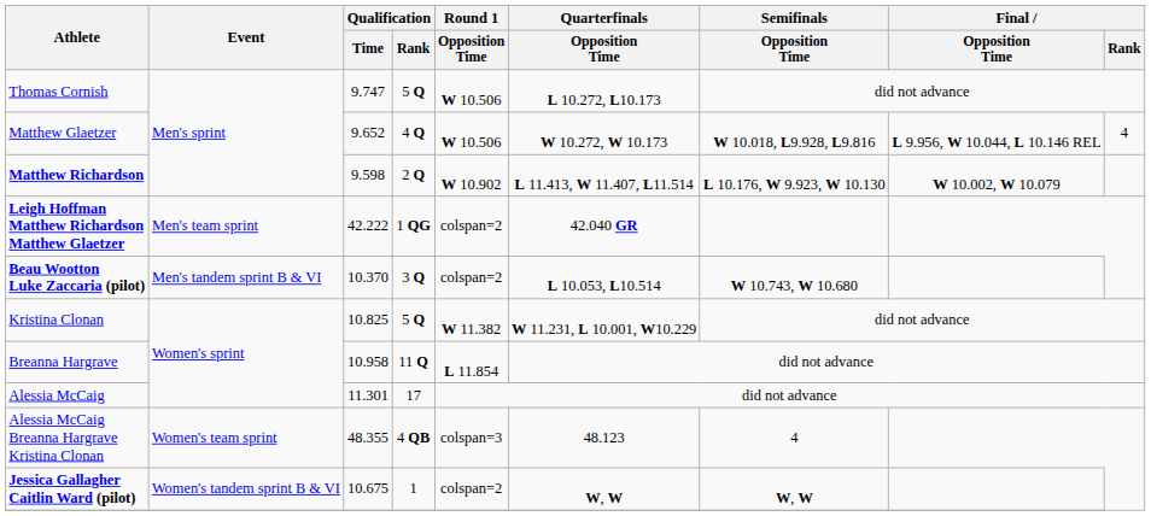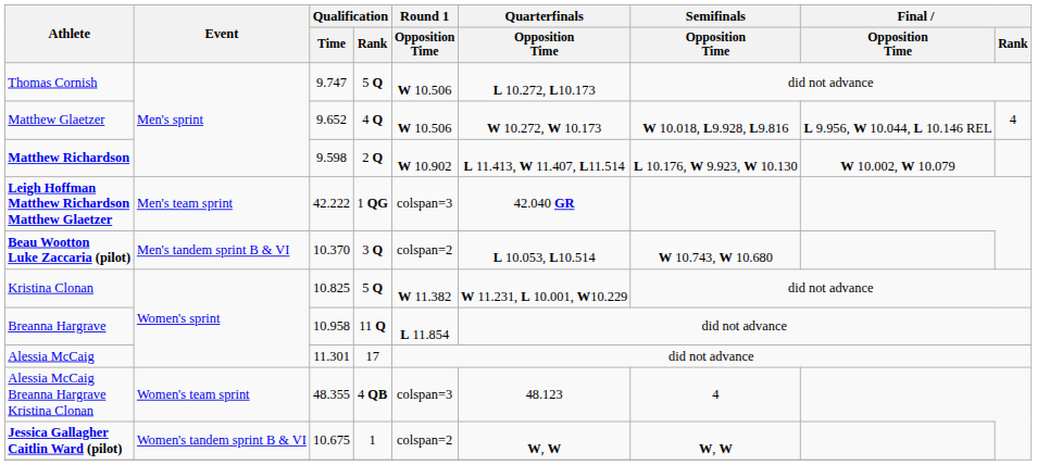 <table class=wikitable style="font-size:90%;text-align:center">
 <tr>
 <th rowspan=2>Athlete</th>
 <th rowspan=2>Event</th>
 <th colspan=2>Qualification</th>
 <th>Round 1</th>
 <th>Quarterfinals</th>
 <th>Semifinals</th>
 <th colspan=2>Final / </th>
 </tr>
 <tr style=font-size:95%>
 <th>Time</th>
 <th>Rank</th>
 <th>Opposition<br>Time</th>
 <th>Opposition<br>Time</th>
 <th>Opposition<br>Time</th>
 <th>Opposition<br>Time</th>
 <th>Rank</th>
 </tr>
 <tr>
 <td align=left><a href='#'>Thomas Cornish</a></td>
 <td align=left rowspan=3><a href='#'>Men's sprint</a></td>
 <td>9.747</td>
 <td>5 <strong>Q</strong></td>
 <td><br><strong>W</strong> 10.506</td>
 <td><br><strong>L</strong> 10.272, <strong>L</strong>10.173</td>
 <td colspan=3>did not advance</td>
 </tr>
 <tr>
 <td align=left><a href='#'>Matthew Glaetzer</a></td>
 <td>9.652</td>
 <td>4 <strong>Q</strong></td>
 <td><br><strong>W</strong> 10.506</td>
 <td><br><strong>W</strong> 10.272, <strong>W</strong> 10.173</td>
 <td><br><strong>W</strong> 10.018, <strong>L</strong>9.928, <strong>L</strong>9.816</td>
 <td><br><strong>L</strong> 9.956, <strong>W</strong> 10.044, <strong>L</strong> 10.146 REL</td>
 <td>4</td>
 </tr>
 <tr>
 <td align=left><strong><a href='#'>Matthew Richardson</a></strong></td>
 <td>9.598</td>
 <td>2 <strong>Q</strong></td>
 <td><br><strong>W</strong> 10.902</td>
 <td><br><strong>L</strong> 11.413, <strong>W</strong> 11.407, <strong>L</strong>11.514</td>
 <td><br><strong>L</strong> 10.176, <strong>W</strong> 9.923, <strong>W</strong> 10.130</td>
 <td><br><strong>W</strong> 10.002, <strong>W</strong> 10.079</td>
 <td></td>
 </tr>
 <tr>
 <td align=left><strong><a href='#'>Leigh Hoffman</a><br><a href='#'>Matthew Richardson</a><br><a href='#'>Matthew Glaetzer</a></strong></td>
 <td align=left><a href='#'>Men's team sprint</a></td>
 <td>42.222</td>
 <td>1 <strong>QG</strong></td>
-<td>colspan=2 </td>
+<td>colspan=3 </td>
 <td>42.040 <strong><a href='#'>GR</a></strong></td>
 <td></td>
 </tr>
 <tr>
 <td align=left><strong><a href='#'>Beau Wootton</a><br><a href='#'>Luke Zaccaria</a> (pilot)</strong></td>
 <td align=left><a href='#'>Men's tandem sprint B & VI</a></td>
 <td>10.370</td>
 <td>3 <strong>Q</strong></td>
 <td>colspan=2 </td>
 <td><br><strong>L</strong> 10.053, <strong>L</strong>10.514</td>
 <td><br><strong>W</strong> 10.743, <strong>W</strong> 10.680</td>
 <td></td>
 </tr>
 <tr>
 <td align=left><a href='#'>Kristina Clonan</a></td>
 <td align=left rowspan=3><a href='#'>Women's sprint</a></td>
 <td>10.825</td>
 <td>5 <strong>Q</strong></td>
 <td><br><strong>W</strong> 11.382</td>
 <td><br><strong>W</strong> 11.231, <strong>L</strong> 10.001, <strong>W</strong>10.229</td>
 <td colspan=3>did not advance</td>
 </tr>
 <tr>
 <td align=left><a href='#'>Breanna Hargrave</a></td>
 <td>10.958</td>
 <td>11 <strong>Q</strong></td>
 <td><br><strong>L</strong> 11.854</td>
 <td colspan=4>did not advance</td>
 </tr>
 <tr>
 <td align=left><a href='#'>Alessia McCaig</a></td>
 <td>11.301</td>
 <td>17</td>
 <td colspan=5>did not advance</td>
 </tr>
 <tr>
 <td align=left><a href='#'>Alessia McCaig</a><br><a href='#'>Breanna Hargrave</a><br><a href='#'>Kristina Clonan</a></td>
 <td align=left><a href='#'>Women's team sprint</a></td>
 <td>48.355</td>
 <td>4 <strong>QB</strong></td>
 <td>colspan=3 </td>
 <td>48.123</td>
 <td>4</td>
 </tr>
 <tr>
 <td align=left><strong><a href='#'>Jessica Gallagher</a><br><a href='#'>Caitlin Ward</a> (pilot)</strong></td>
 <td align=left><a href='#'>Women's tandem sprint B & VI</a></td>
 <td>10.675</td>
 <td>1</td>
 <td>colspan=2 </td>
 <td><br><strong>W</strong>, <strong>W</strong></td>
 <td><br><strong>W</strong>, <strong>W</strong></td>
 <td></td>
 </tr>
 <tr>
 </tr>
 </table>
